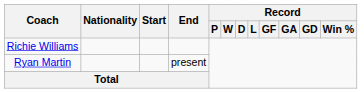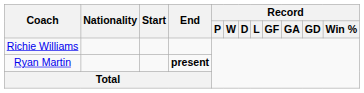 <table class="wikitable" style="text-align: center; margin-left: lem;">
 <tr>
 <th rowspan="2">Coach</th>
 <th rowspan="2">Nationality</th>
 <th rowspan="2">Start</th>
 <th rowspan="2">End</th>
 <th colspan="8">Record</th>
 </tr>
 <tr>
 <th>P</th>
 <th>W</th>
 <th>D</th>
 <th>L</th>
 <th>GF</th>
 <th>GA</th>
 <th>GD</th>
 <th>Win %</th>
 </tr>
 <tr>
 <td><a href='#'>Richie Williams</a></td>
 <td></td>
 <td></td>
 <td><br></td>
 </tr>
 <tr>
 <td><a href='#'>Ryan Martin</a></td>
 <td></td>
 <td></td>
-<td>present<br></td>
+<td><strong>present<br></strong></td>
 </tr>
 <tr>
 <th colspan="4">Total<br></th>
 </tr>
 </table>
